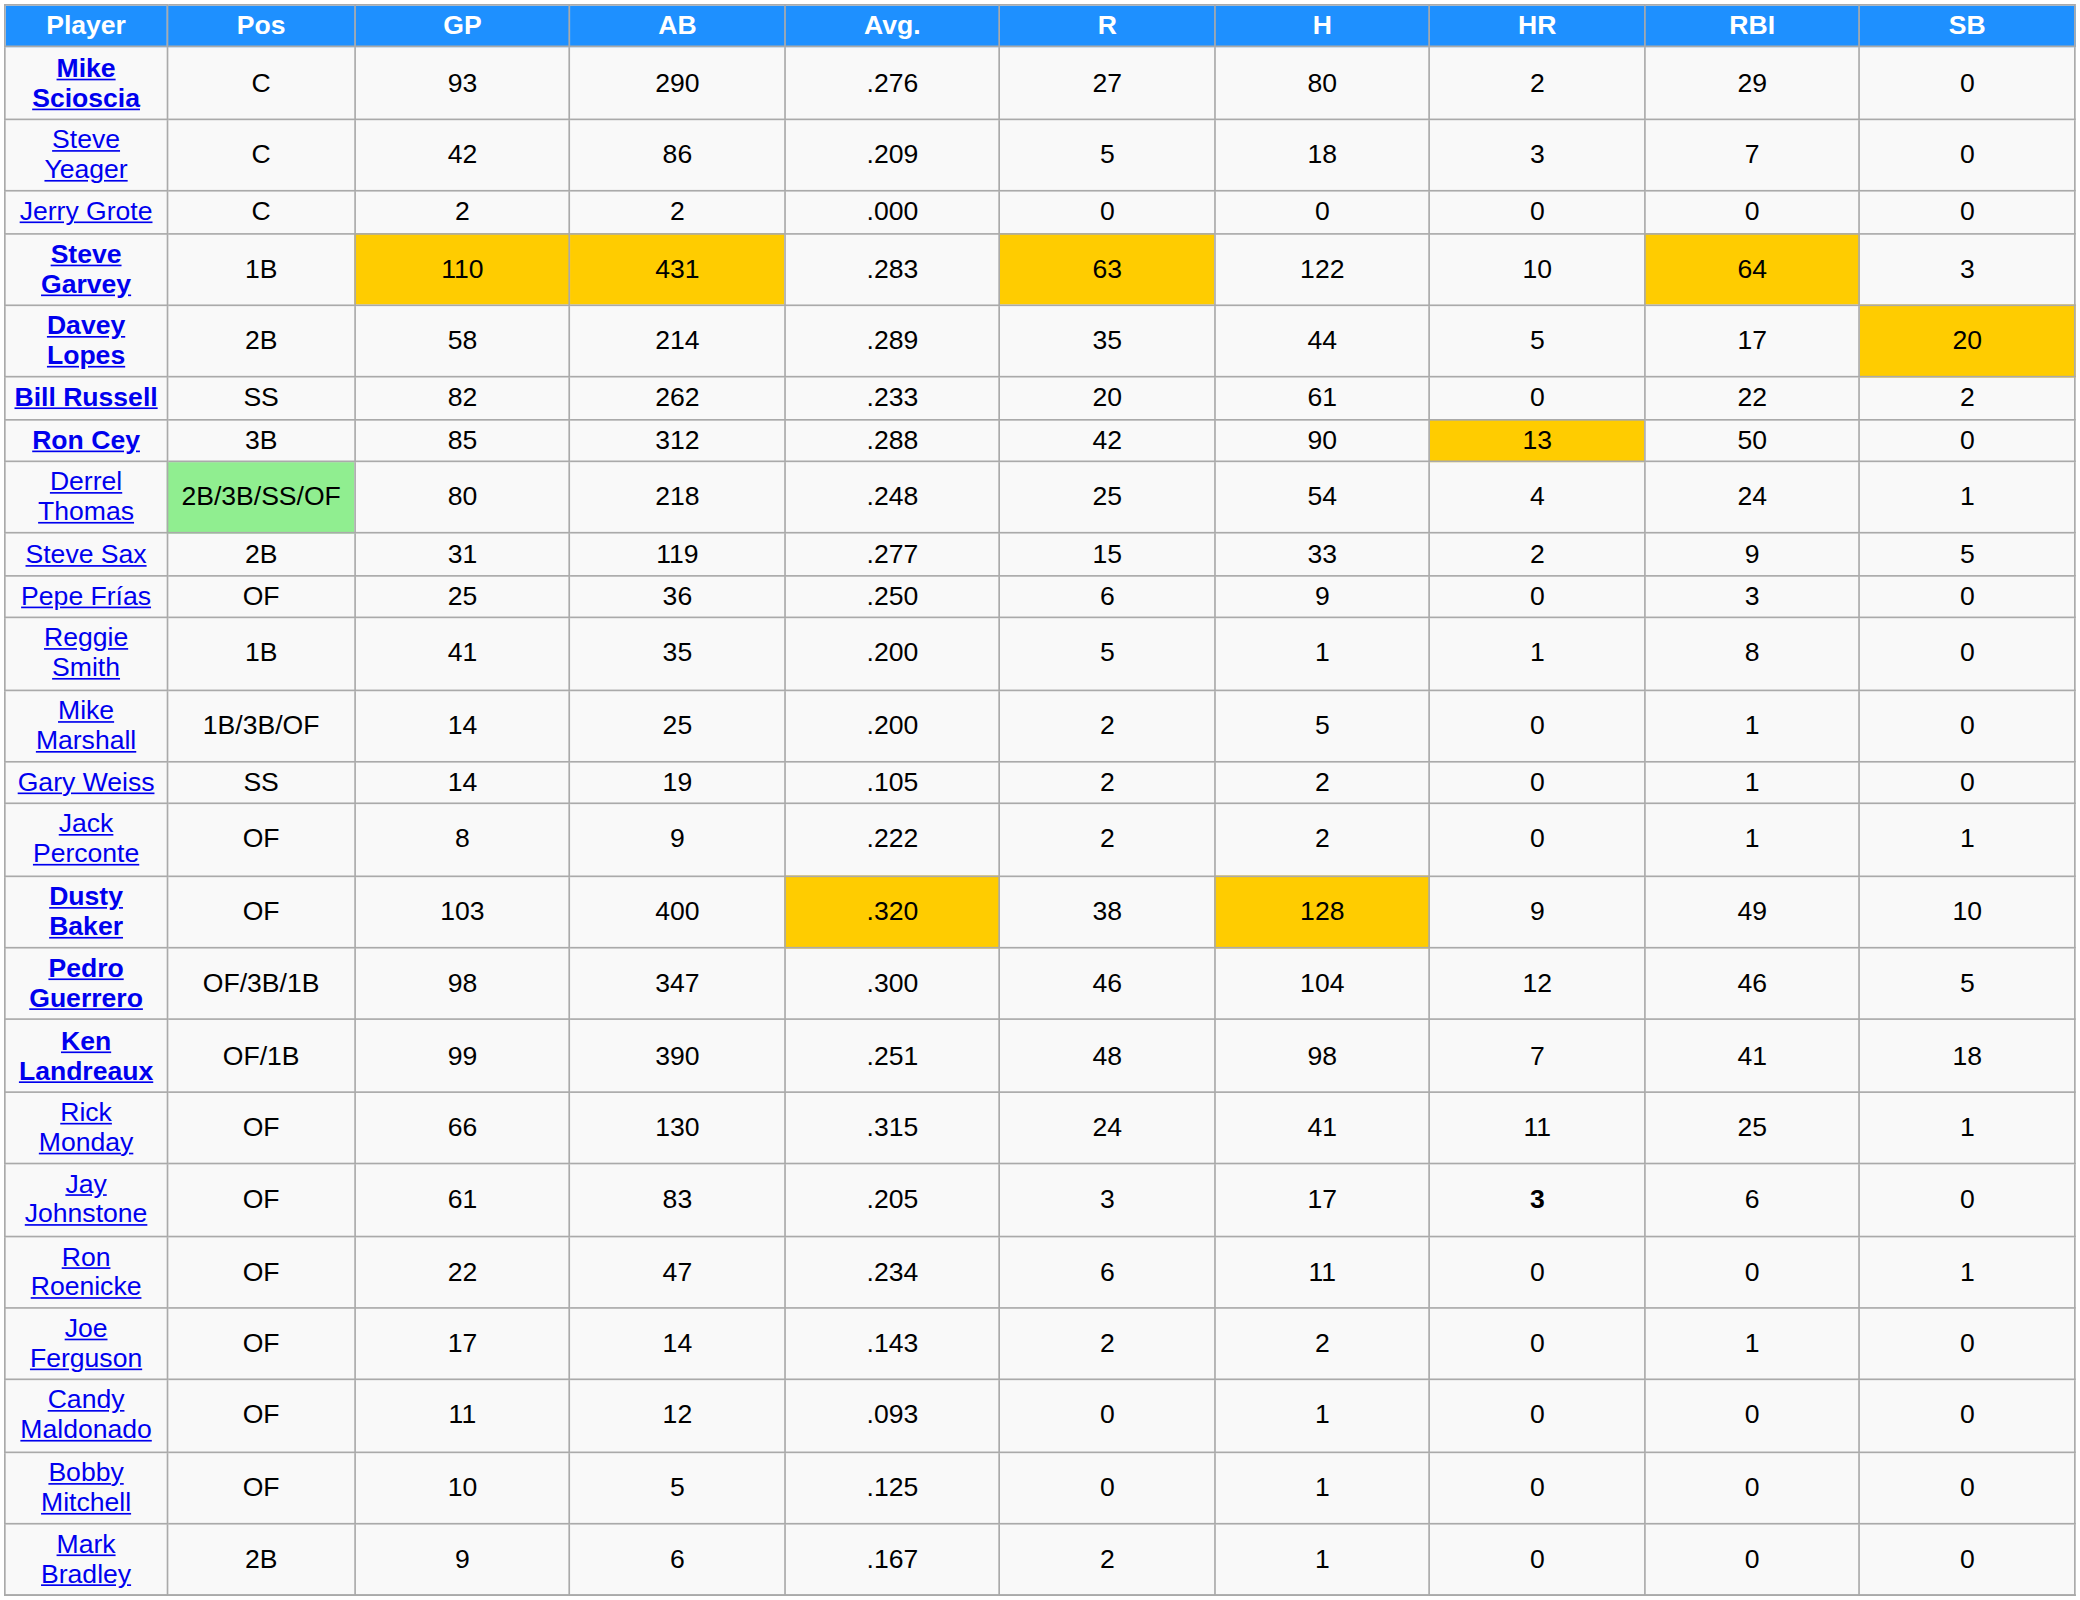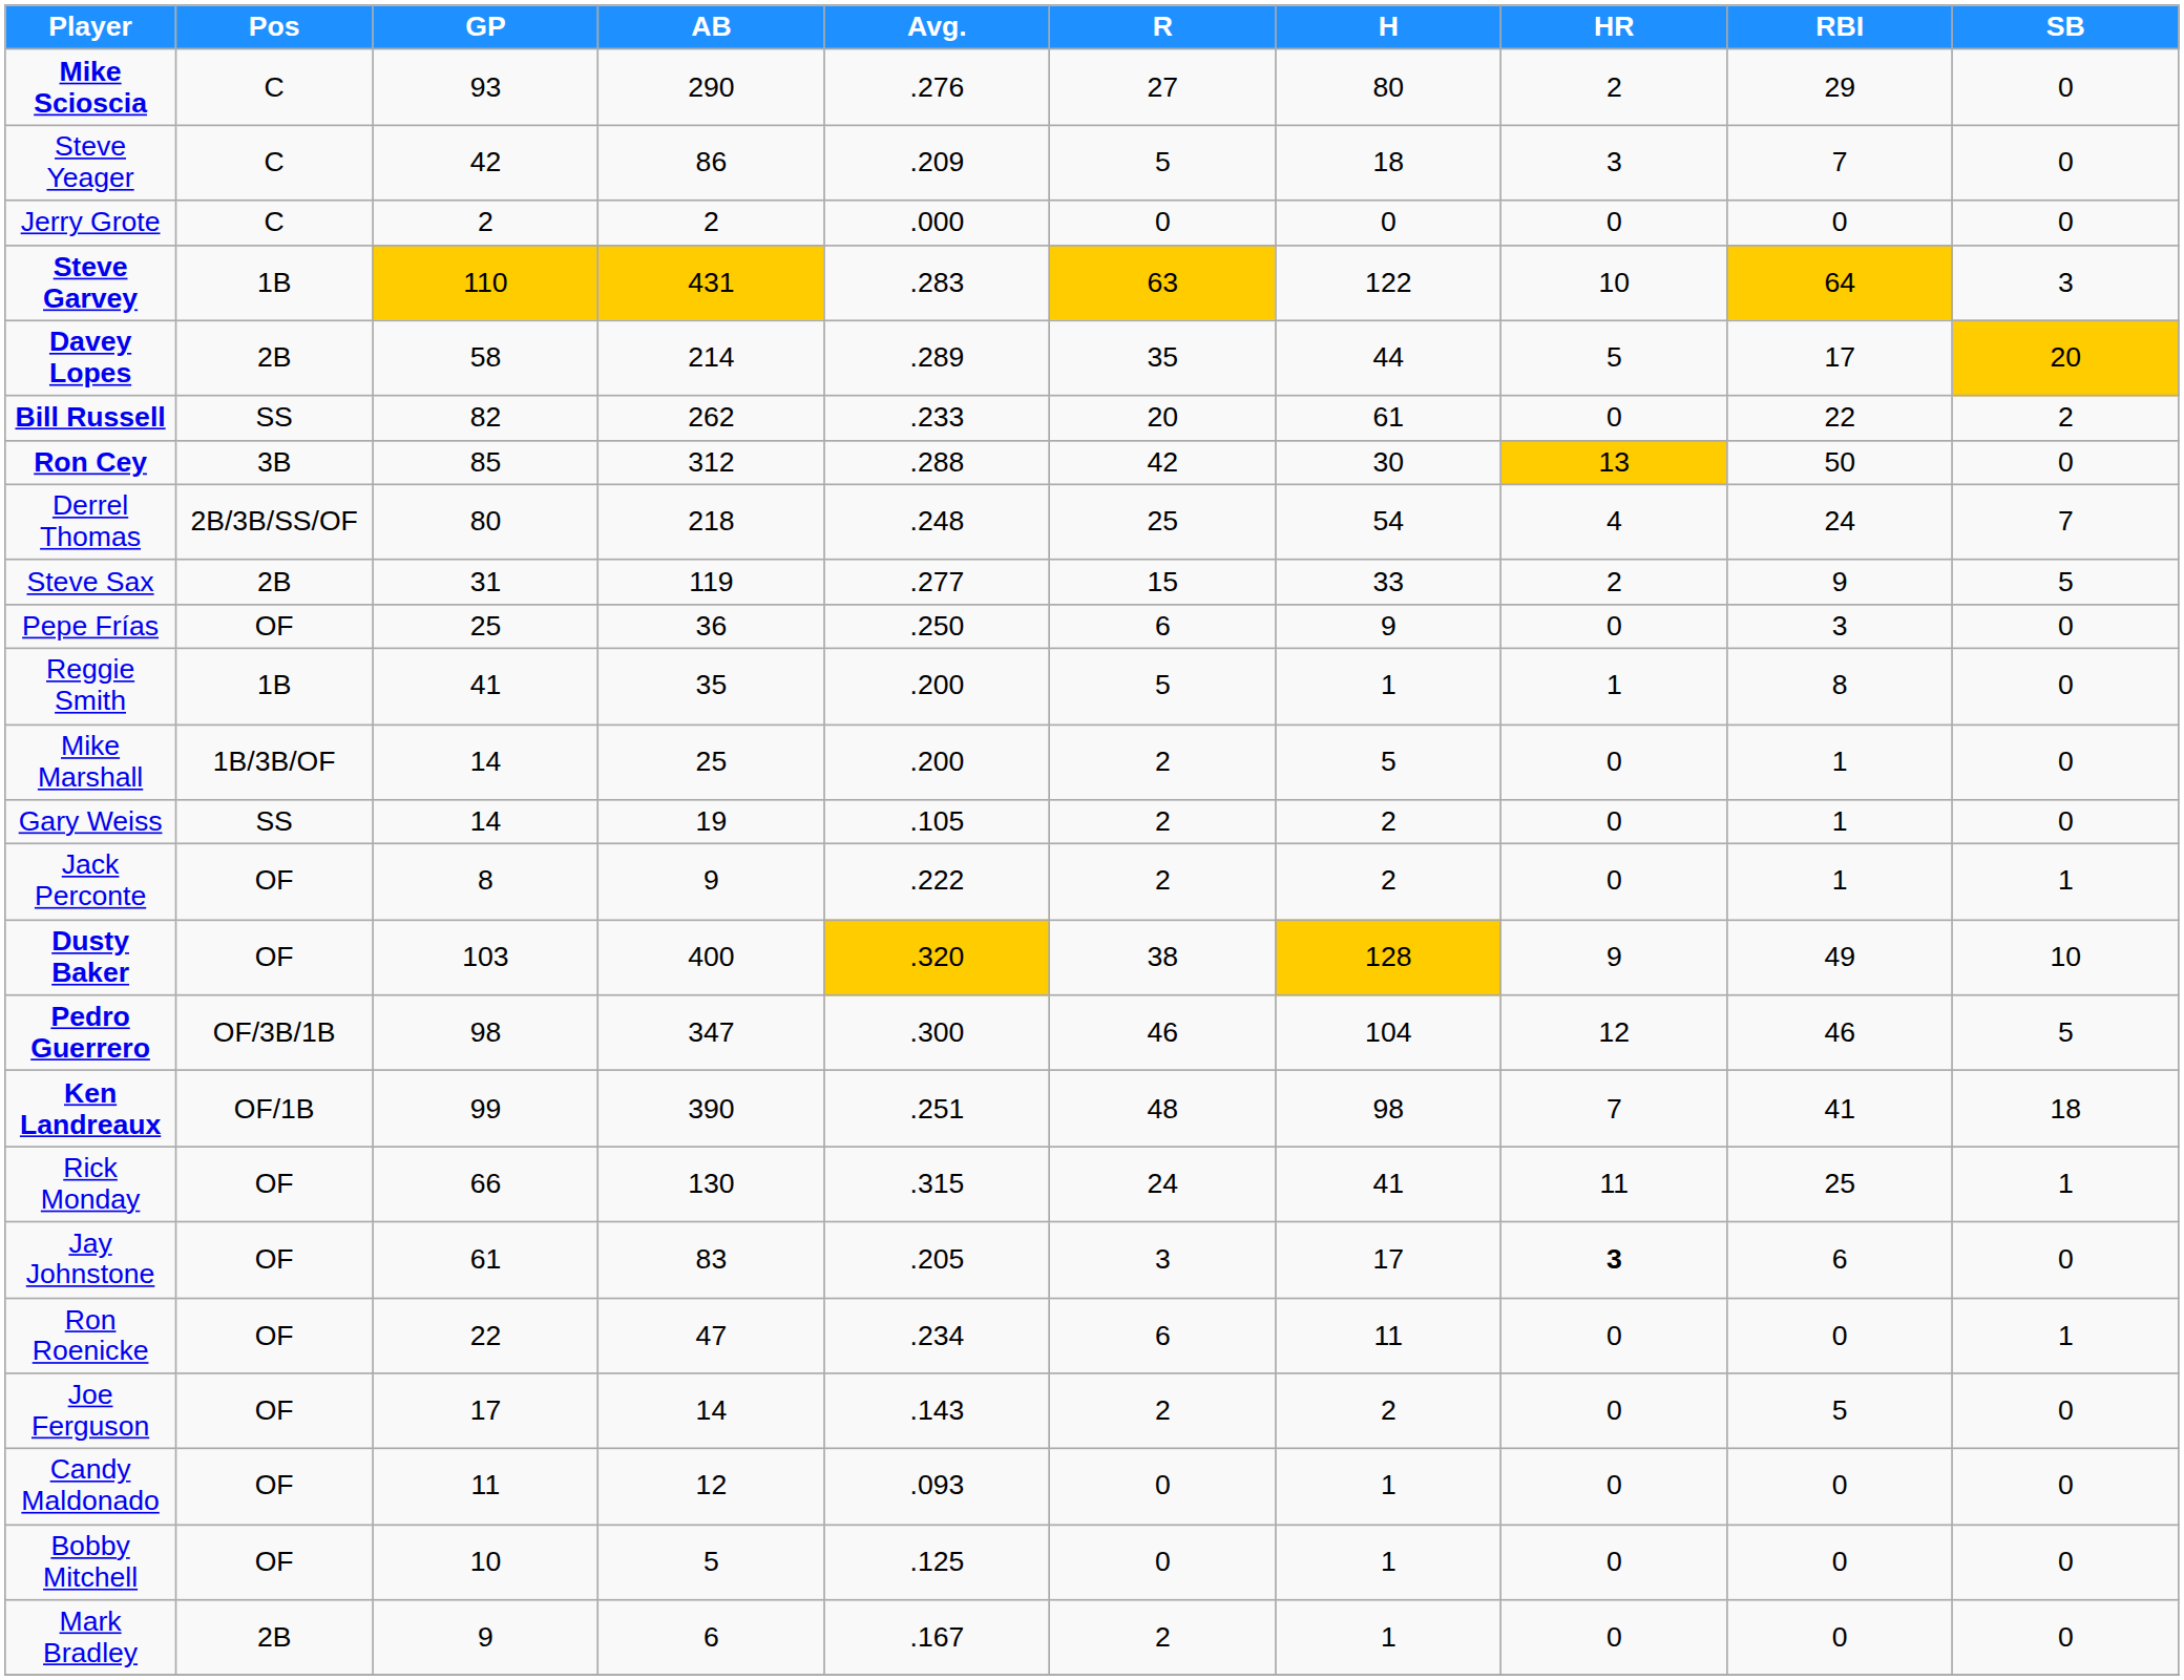 <table class="wikitable sortable">
 <tr>
 <th style="background:#1E90FF;color:#ffffff;" width="5%">Player</th>
 <th style="background:#1E90FF;color:#ffffff;" width="5%">Pos</th>
 <th style="background:#1E90FF;color:#ffffff;" width="9%">GP</th>
 <th style="background:#1E90FF;color:#ffffff;" width="9%">AB</th>
 <th style="background:#1E90FF;color:#ffffff;" width="9%">Avg.</th>
 <th style="background:#1E90FF;color:#ffffff;" width="9%">R</th>
 <th style="background:#1E90FF;color:#ffffff;" width="9%">H</th>
 <th style="background:#1E90FF;color:#ffffff;" width="9%">HR</th>
 <th style="background:#1E90FF;color:#ffffff;" width="9%">RBI</th>
 <th style="background:#1E90FF;color:#ffffff;" width="9%">SB</th>
 </tr>
 <tr align="center">
 <td><strong><a href='#'>Mike Scioscia</a>	</strong></td>
 <td>C</td>
 <td>93</td>
 <td>290</td>
 <td>.276</td>
 <td>27</td>
 <td>80</td>
 <td>2</td>
 <td>29</td>
 <td>0</td>
 </tr>
 <tr align="center">
 <td><a href='#'>Steve Yeager</a></td>
 <td>C</td>
 <td>42</td>
 <td>86</td>
 <td>.209</td>
 <td>5</td>
 <td>18</td>
 <td>3</td>
 <td>7</td>
 <td>0</td>
 </tr>
 <tr align="center">
 <td><a href='#'>Jerry Grote</a></td>
 <td>C</td>
 <td>2</td>
 <td>2</td>
 <td>.000</td>
 <td>0</td>
 <td>0</td>
 <td>0</td>
 <td>0</td>
 <td>0</td>
 </tr>
 <tr align="center">
 <td><strong><a href='#'>Steve Garvey</a></strong></td>
 <td>1B</td>
 <td style="background:#fc0;">110</td>
 <td style="background:#fc0;">431</td>
 <td>.283</td>
 <td style="background:#fc0;">63</td>
 <td>122</td>
 <td>10</td>
 <td style="background:#fc0;">64</td>
 <td>3</td>
 </tr>
 <tr align="center">
 <td><strong><a href='#'>Davey Lopes</a></strong></td>
 <td>2B</td>
 <td>58</td>
 <td>214</td>
 <td>.289</td>
 <td>35</td>
 <td>44</td>
 <td>5</td>
 <td>17</td>
 <td style="background:#fc0;">20</td>
 </tr>
 <tr align="center">
 <td><strong><a href='#'>Bill Russell</a></strong></td>
 <td>SS</td>
 <td>82</td>
 <td>262</td>
 <td>.233</td>
 <td>20</td>
 <td>61</td>
 <td>0</td>
 <td>22</td>
 <td>2</td>
 </tr>
 <tr align="center">
 <td><strong><a href='#'>Ron Cey</a></strong></td>
 <td>3B</td>
 <td>85</td>
 <td>312</td>
 <td>.288</td>
 <td>42</td>
-<td>90</td>
+<td>30</td>
 <td style="background:#fc0;">13</td>
 <td>50</td>
 <td>0</td>
 </tr>
 <tr align="center">
 <td><a href='#'>Derrel Thomas</a></td>
-<td style="background: lightgreen;">2B/3B/SS/OF</td>
+<td>2B/3B/SS/OF</td>
 <td>80</td>
 <td>218</td>
 <td>.248</td>
 <td>25</td>
 <td>54</td>
 <td>4</td>
 <td>24</td>
-<td>1</td>
+<td>7</td>
 </tr>
 <tr align="center">
 <td><a href='#'>Steve Sax</a></td>
 <td>2B</td>
 <td>31</td>
 <td>119</td>
 <td>.277</td>
 <td>15</td>
 <td>33</td>
 <td>2</td>
 <td>9</td>
 <td>5</td>
 </tr>
 <tr align="center">
 <td><a href='#'>Pepe Frías</a></td>
 <td>OF</td>
 <td>25</td>
 <td>36</td>
 <td>.250</td>
 <td>6</td>
 <td>9</td>
 <td>0</td>
 <td>3</td>
 <td>0</td>
 </tr>
 <tr align="center">
 <td><a href='#'>Reggie Smith</a></td>
 <td>1B</td>
 <td>41</td>
 <td>35</td>
 <td>.200</td>
 <td>5</td>
 <td>1</td>
 <td>1</td>
 <td>8</td>
 <td>0</td>
 </tr>
 <tr align="center">
 <td><a href='#'>Mike Marshall</a></td>
 <td>1B/3B/OF</td>
 <td>14</td>
 <td>25</td>
 <td>.200</td>
 <td>2</td>
 <td>5</td>
 <td>0</td>
 <td>1</td>
 <td>0</td>
 </tr>
 <tr align="center">
 <td><a href='#'>Gary Weiss</a></td>
 <td>SS</td>
 <td>14</td>
 <td>19</td>
 <td>.105</td>
 <td>2</td>
 <td>2</td>
 <td>0</td>
 <td>1</td>
 <td>0</td>
 </tr>
 <tr align="center">
 <td><a href='#'>Jack Perconte</a></td>
 <td>OF</td>
 <td>8</td>
 <td>9</td>
 <td>.222</td>
 <td>2</td>
 <td>2</td>
 <td>0</td>
 <td>1</td>
 <td>1</td>
 </tr>
 <tr align="center">
 <td><strong><a href='#'>Dusty Baker</a></strong></td>
 <td>OF</td>
 <td>103</td>
 <td>400</td>
 <td style="background:#fc0;">.320</td>
 <td>38</td>
 <td style="background:#fc0;">128</td>
 <td>9</td>
 <td>49</td>
 <td>10</td>
 </tr>
 <tr align="center">
 <td><strong><a href='#'>Pedro Guerrero</a></strong></td>
 <td>OF/3B/1B</td>
 <td>98</td>
 <td>347</td>
 <td>.300</td>
 <td>46</td>
 <td>104</td>
 <td>12</td>
 <td>46</td>
 <td>5</td>
 </tr>
 <tr align="center">
 <td><strong><a href='#'>Ken Landreaux</a></strong></td>
 <td>OF/1B</td>
 <td>99</td>
 <td>390</td>
 <td>.251</td>
 <td>48</td>
 <td>98</td>
 <td>7</td>
 <td>41</td>
 <td>18</td>
 </tr>
 <tr align="center">
 <td><a href='#'>Rick Monday</a></td>
 <td>OF</td>
 <td>66</td>
 <td>130</td>
 <td>.315</td>
 <td>24</td>
 <td>41</td>
 <td>11</td>
 <td>25</td>
 <td>1</td>
 </tr>
 <tr align="center">
 <td><a href='#'>Jay Johnstone</a></td>
 <td>OF</td>
 <td>61</td>
 <td>83</td>
 <td>.205</td>
 <td>3</td>
 <td>17</td>
 <td><strong>3</strong></td>
 <td>6</td>
 <td>0</td>
 </tr>
 <tr align="center">
 <td><a href='#'>Ron Roenicke</a></td>
 <td>OF</td>
 <td>22</td>
 <td>47</td>
 <td>.234</td>
 <td>6</td>
 <td>11</td>
 <td>0</td>
 <td>0</td>
 <td>1</td>
 </tr>
 <tr align="center">
 <td><a href='#'>Joe Ferguson</a></td>
 <td>OF</td>
 <td>17</td>
 <td>14</td>
 <td>.143</td>
 <td>2</td>
 <td>2</td>
 <td>0</td>
-<td>1</td>
+<td>5</td>
 <td>0</td>
 </tr>
 <tr align="center">
 <td><a href='#'>Candy Maldonado</a></td>
 <td>OF</td>
 <td>11</td>
 <td>12</td>
 <td>.093</td>
 <td>0</td>
 <td>1</td>
 <td>0</td>
 <td>0</td>
 <td>0</td>
 </tr>
 <tr align="center">
 <td><a href='#'>Bobby Mitchell</a></td>
 <td>OF</td>
 <td>10</td>
 <td>5</td>
 <td>.125</td>
 <td>0</td>
 <td>1</td>
 <td>0</td>
 <td>0</td>
 <td>0</td>
 </tr>
 <tr align="center">
 <td><a href='#'>Mark Bradley</a></td>
 <td>2B</td>
 <td>9</td>
 <td>6</td>
 <td>.167</td>
 <td>2</td>
 <td>1</td>
 <td>0</td>
 <td>0</td>
 <td>0</td>
 </tr>
 <tr align="center">
 </tr>
 </table>
